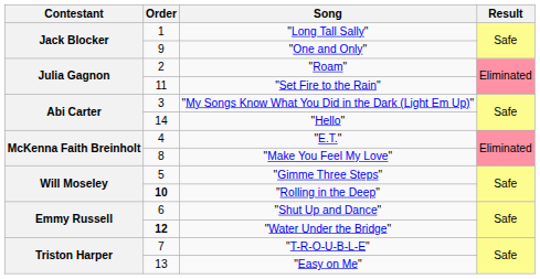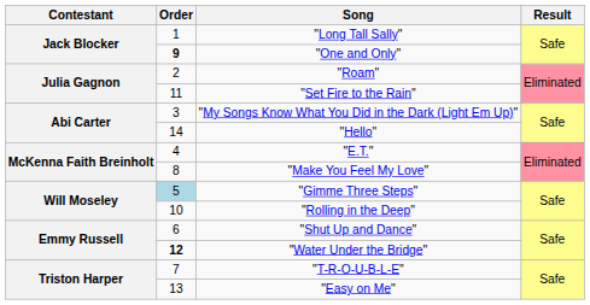 <table class="wikitable unsortable" style="text-align:center;">
 <tr>
 <th scope="col">Contestant</th>
 <th scope="col">Order</th>
 <th scope="col">Song</th>
 <th scope="col">Result</th>
 </tr>
 <tr>
 <th scope="row" rowspan="2">Jack Blocker</th>
 <td>1</td>
 <td>"<a href='#'>Long Tall Sally</a>"</td>
 <td rowspan="2" style="background:#FDFC8F;">Safe</td>
 </tr>
 <tr>
-<td>9</td>
+<td><strong>9</strong></td>
 <td>"<a href='#'>One and Only</a>"</td>
 </tr>
 <tr>
 <th scope="row" rowspan="2">Julia Gagnon</th>
 <td>2</td>
 <td>"<a href='#'>Roam</a>"</td>
 <td rowspan="2" style="background:#FF91A4;">Eliminated</td>
 </tr>
 <tr>
 <td>11</td>
 <td>"<a href='#'>Set Fire to the Rain</a>"</td>
 </tr>
 <tr>
 <th scope="row" rowspan="2">Abi Carter</th>
 <td>3</td>
 <td>"<a href='#'>My Songs Know What You Did in the Dark (Light Em Up)</a>"</td>
 <td rowspan="2" style="background:#FDFC8F;">Safe</td>
 </tr>
 <tr>
 <td>14</td>
 <td>"<a href='#'>Hello</a>"</td>
 </tr>
 <tr>
 <th scope="row" rowspan="2">McKenna Faith Breinholt</th>
 <td>4</td>
 <td>"<a href='#'>E.T.</a>"</td>
 <td rowspan="2" style="background:#FF91A4;">Eliminated</td>
 </tr>
 <tr>
 <td>8</td>
 <td>"<a href='#'>Make You Feel My Love</a>"</td>
 </tr>
 <tr>
 <th scope="row" rowspan="2">Will Moseley</th>
-<td>5</td>
+<td style="background: lightblue;">5</td>
 <td>"<a href='#'>Gimme Three Steps</a>"</td>
 <td rowspan="2" style="background:#FDFC8F;">Safe</td>
 </tr>
 <tr>
-<td><strong>10</strong></td>
+<td>10</td>
 <td>"<a href='#'>Rolling in the Deep</a>"</td>
 </tr>
 <tr>
 <th scope="row" rowspan="2">Emmy Russell</th>
 <td>6</td>
 <td>"<a href='#'>Shut Up and Dance</a>"</td>
 <td rowspan="2" style="background:#FDFC8F;">Safe</td>
 </tr>
 <tr>
 <td><strong>12</strong></td>
 <td>"<a href='#'>Water Under the Bridge</a>"</td>
 </tr>
 <tr>
 <th scope="row" rowspan="2">Triston Harper</th>
 <td>7</td>
 <td>"<a href='#'>T-R-O-U-B-L-E</a>"</td>
 <td rowspan="2" style="background:#FDFC8F;">Safe</td>
 </tr>
 <tr>
 <td>13</td>
 <td>"<a href='#'>Easy on Me</a>"</td>
 </tr>
 </table>
